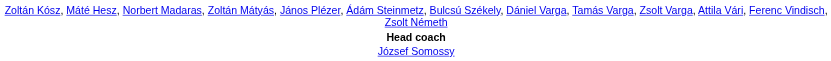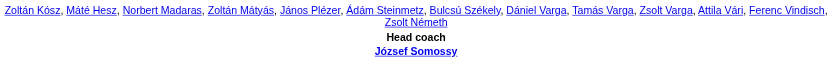 <table style="text-align: center; margin-top: 2em; margin-left: auto; margin-right: auto">
 <tr>
 <td><a href='#'>Zoltán Kósz</a>, <a href='#'>Máté Hesz</a>, <a href='#'>Norbert Madaras</a>, <a href='#'>Zoltán Mátyás</a>, <a href='#'>János Plézer</a>, <a href='#'>Ádám Steinmetz</a>, <a href='#'>Bulcsú Székely</a>, <a href='#'>Dániel Varga</a>, <a href='#'>Tamás Varga</a>, <a href='#'>Zsolt Varga</a>, <a href='#'>Attila Vári</a>, <a href='#'>Ferenc Vindisch</a>, <a href='#'>Zsolt Németh</a></td>
 </tr>
 <tr>
 <td><strong>Head coach</strong></td>
 </tr>
 <tr>
-<td><a href='#'>József Somossy</a></td>
+<td><strong><a href='#'>József Somossy</a></strong></td>
 </tr>
 </table>
